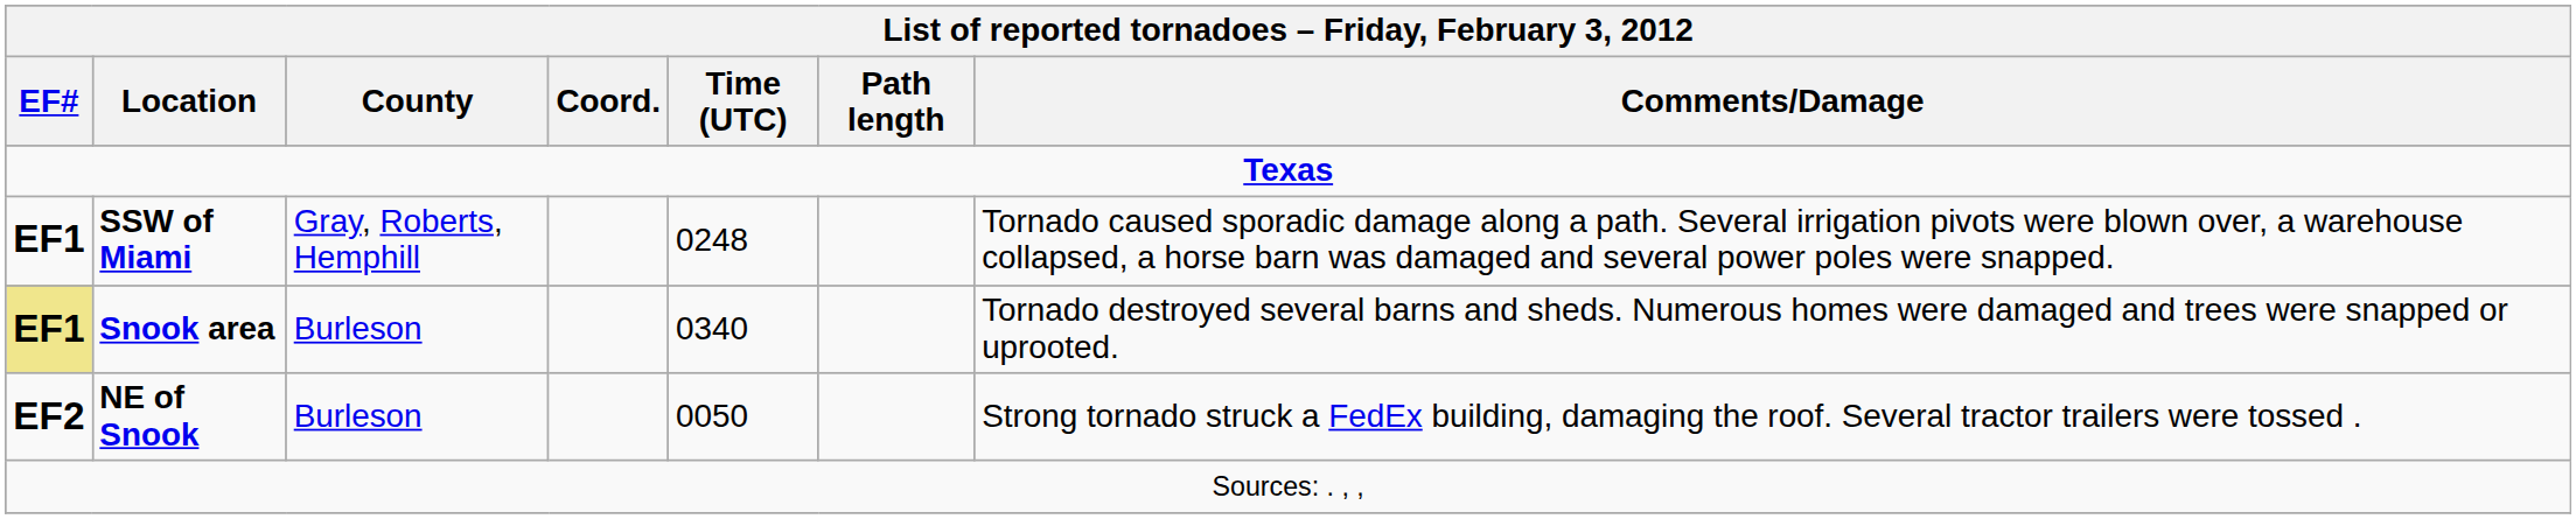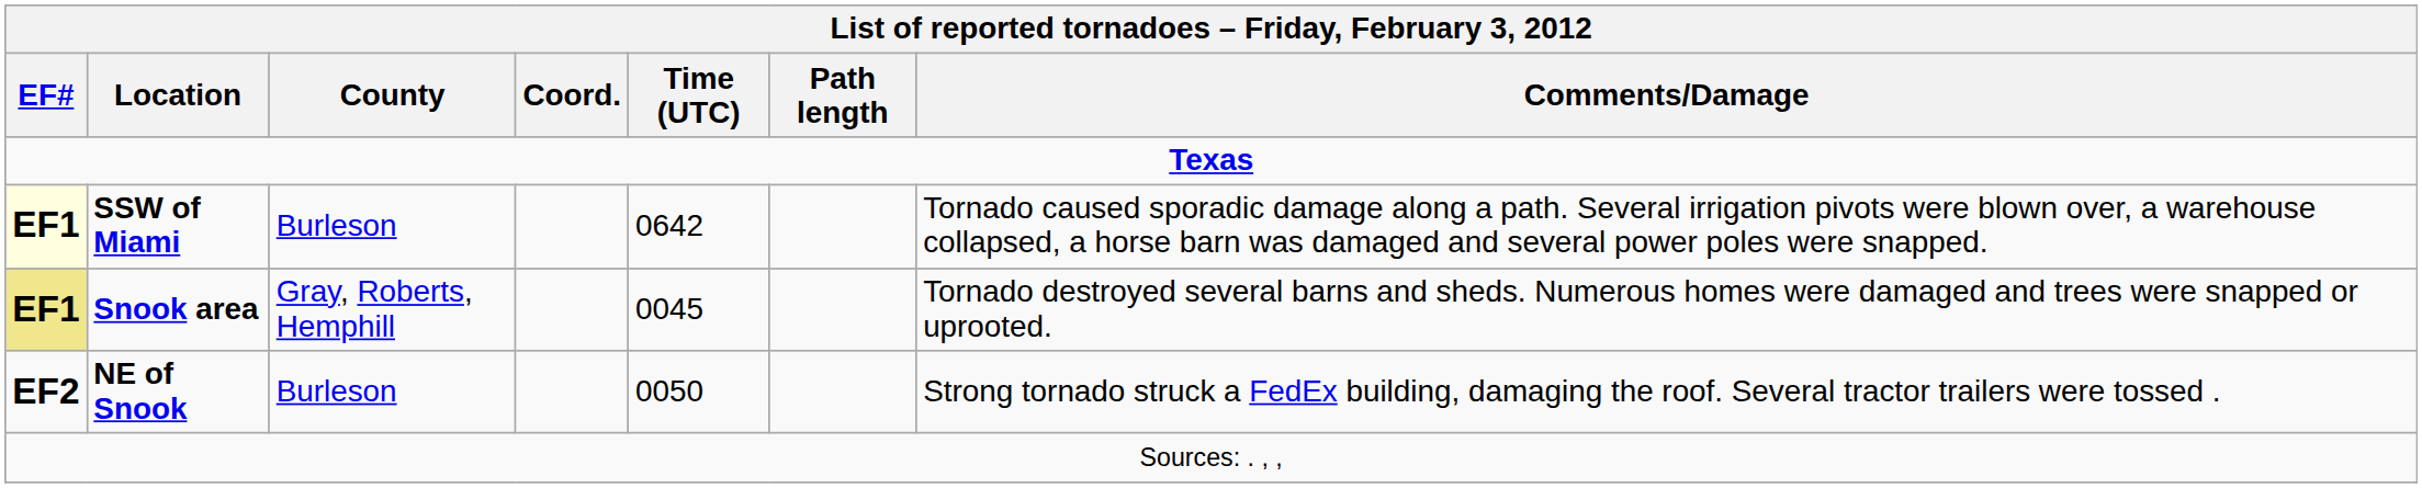 <table class="wikitable collapsible" style="width:100%;">
 <tr>
 <th colspan="7">List of reported tornadoes – Friday, February 3, 2012</th>
 </tr>
 <tr>
 <th><a href='#'>EF#</a></th>
 <th>Location</th>
 <th>County</th>
 <th>Coord.</th>
 <th>Time (UTC)</th>
 <th>Path length</th>
 <th>Comments/Damage</th>
 </tr>
 <tr>
 <td colspan="7" style="text-align:center;"><strong><a href='#'>Texas</a></strong></td>
 </tr>
 <tr>
-<td><big><strong>EF1</strong></big></td>
+<td style="background: lightyellow;"><big><strong>EF1</strong></big></td>
 <td><strong> SSW of <a href='#'>Miami</a></strong></td>
-<td><a href='#'>Gray</a>, <a href='#'>Roberts</a>, <a href='#'>Hemphill</a></td>
+<td><a href='#'>Burleson</a></td>
 <td></td>
-<td>0248</td>
+<td>0642</td>
 <td></td>
 <td>Tornado caused sporadic damage along a  path. Several irrigation pivots were blown over, a warehouse collapsed, a horse barn was damaged and several power poles were snapped.</td>
 </tr>
 <tr>
 <td style="background: khaki;"><big><strong>EF1</strong></big></td>
 <td><strong><a href='#'>Snook</a> area</strong></td>
-<td><a href='#'>Burleson</a></td>
+<td><a href='#'>Gray</a>, <a href='#'>Roberts</a>, <a href='#'>Hemphill</a></td>
 <td></td>
-<td>0340</td>
+<td>0045</td>
 <td></td>
 <td>Tornado destroyed several barns and sheds. Numerous homes were damaged and trees were snapped or uprooted.</td>
 </tr>
 <tr>
 <td><big><strong>EF2</strong></big></td>
 <td><strong>NE of <a href='#'>Snook</a></strong></td>
 <td><a href='#'>Burleson</a></td>
 <td></td>
 <td>0050</td>
 <td></td>
 <td>Strong tornado struck a <a href='#'>FedEx</a> building, damaging the roof. Several tractor trailers were tossed .</td>
 </tr>
 <tr>
 <td colspan="7" style="text-align:center;"><small>Sources: . , , </small></td>
 </tr>
 </table>
